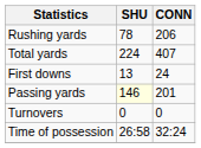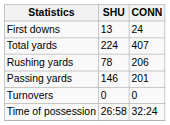 <table class="wikitable" style="float: left;">
 <tr>
 <th>Statistics</th>
 <th>SHU</th>
 <th>CONN</th>
 </tr>
 <tr>
-<td>Rushing yards</td>
-<td>78</td>
-<td>206</td>
+<td>First downs</td>
+<td>13</td>
+<td>24</td>
 </tr>
 <tr>
 <td>Total yards</td>
 <td>224</td>
 <td>407</td>
 </tr>
 <tr>
-<td>First downs</td>
-<td>13</td>
-<td>24</td>
+<td>Rushing yards</td>
+<td>78</td>
+<td>206</td>
 </tr>
 <tr>
 <td>Passing yards</td>
-<td style="background: lightyellow;">146</td>
+<td>146</td>
 <td>201</td>
 </tr>
 <tr>
 <td>Turnovers</td>
 <td>0</td>
 <td>0</td>
 </tr>
 <tr>
 <td>Time of possession</td>
 <td>26:58</td>
 <td>32:24</td>
 </tr>
 <tr>
 </tr>
 </table>
